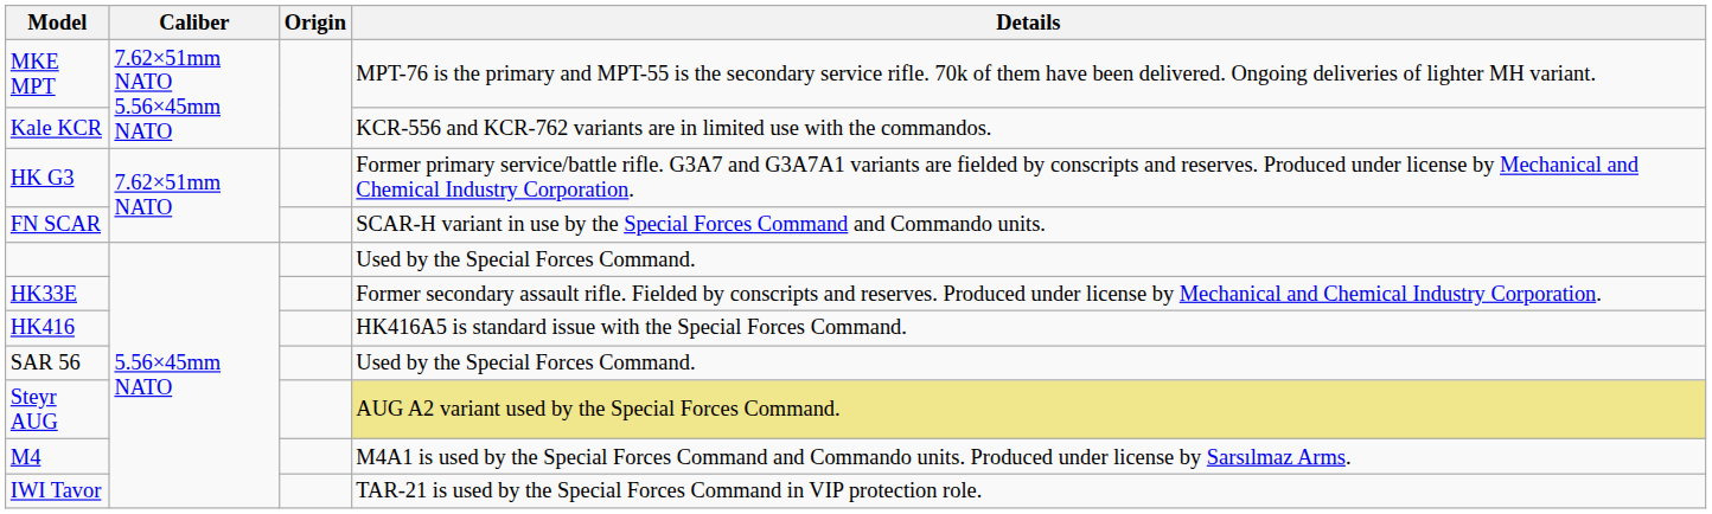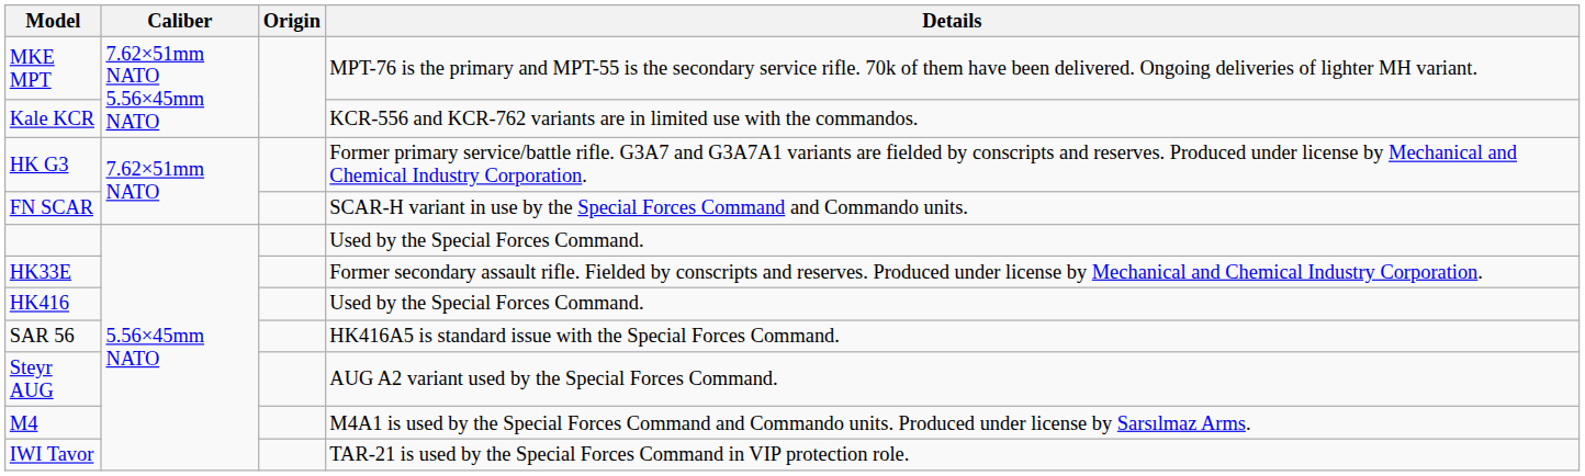 <table class="wikitable">
 <tr>
 <th>Model</th>
 <th>Caliber</th>
 <th>Origin</th>
 <th>Details</th>
 </tr>
 <tr>
 <td><a href='#'>MKE MPT</a></td>
 <td rowspan="2"><a href='#'>7.62×51mm NATO</a><br><a href='#'>5.56×45mm NATO</a></td>
 <td rowspan="2"></td>
 <td>MPT-76 is the primary and MPT-55 is the secondary service rifle. 70k of them have been delivered. Ongoing deliveries of lighter MH variant.</td>
 </tr>
 <tr>
 <td><a href='#'>Kale KCR</a></td>
 <td>KCR-556 and KCR-762 variants are in limited use with the commandos.</td>
 </tr>
 <tr>
 <td><a href='#'>HK G3</a></td>
 <td rowspan="2"><a href='#'>7.62×51mm NATO</a></td>
 <td><br></td>
 <td>Former primary service/battle rifle. G3A7 and G3A7A1 variants are fielded by conscripts and reserves. Produced under license by <a href='#'>Mechanical and Chemical Industry Corporation</a>.</td>
 </tr>
 <tr>
 <td><a href='#'>FN SCAR</a></td>
 <td></td>
 <td>SCAR-H variant in use by the <a href='#'>Special Forces Command</a> and Commando units.</td>
 </tr>
 <tr>
 <td></td>
 <td rowspan="7"><a href='#'>5.56×45mm NATO</a></td>
 <td></td>
 <td>Used by the Special Forces Command.</td>
 </tr>
 <tr>
 <td><a href='#'>HK33E</a></td>
 <td><br></td>
 <td>Former secondary assault rifle. Fielded by conscripts and reserves. Produced under license by <a href='#'>Mechanical and Chemical Industry Corporation</a>.</td>
 </tr>
 <tr>
 <td><a href='#'>HK416</a></td>
 <td></td>
-<td>HK416A5 is standard issue with the Special Forces Command.</td>
+<td>Used by the Special Forces Command.</td>
 </tr>
 <tr>
 <td>SAR 56</td>
 <td></td>
-<td>Used by the Special Forces Command.</td>
+<td>HK416A5 is standard issue with the Special Forces Command.</td>
 </tr>
 <tr>
 <td><a href='#'>Steyr AUG</a></td>
 <td></td>
-<td style="background: khaki;">AUG A2 variant used by the Special Forces Command.</td>
+<td>AUG A2 variant used by the Special Forces Command.</td>
 </tr>
 <tr>
 <td><a href='#'>M4</a></td>
 <td><br></td>
 <td>M4A1 is used by the Special Forces Command and Commando units. Produced under license by <a href='#'>Sarsılmaz Arms</a>.</td>
 </tr>
 <tr>
 <td><a href='#'>IWI Tavor</a></td>
 <td></td>
 <td>TAR-21 is used by the Special Forces Command in VIP protection role.</td>
 </tr>
 </table>
